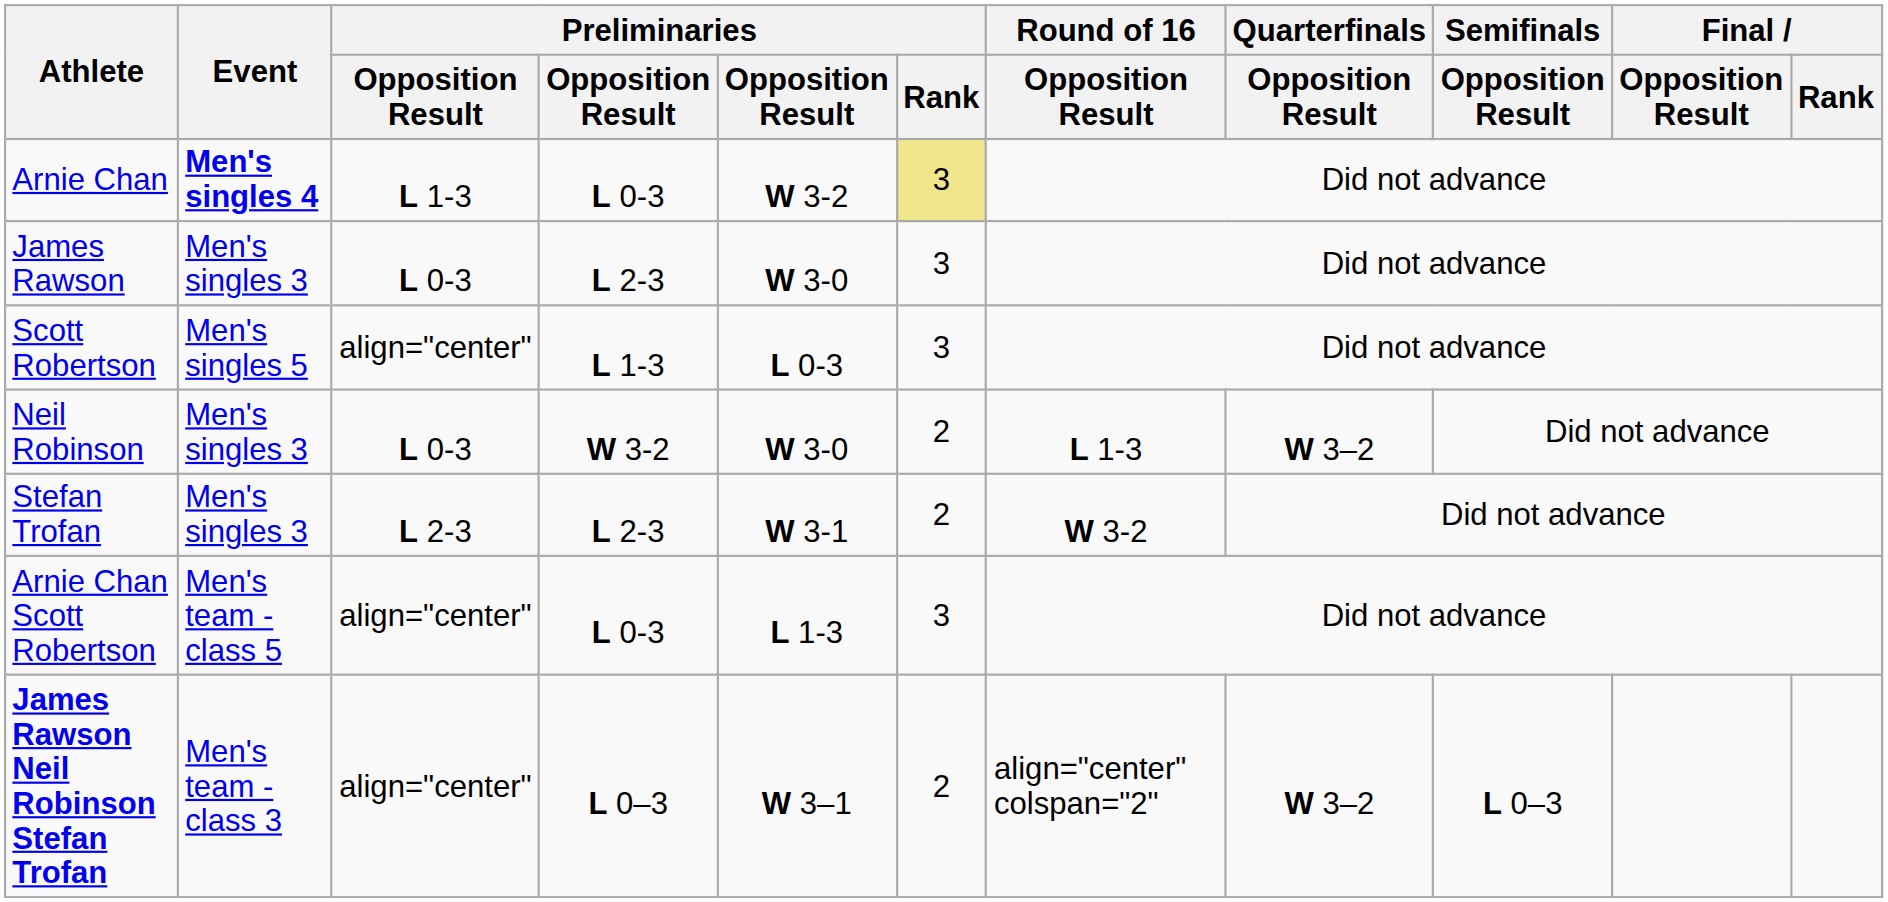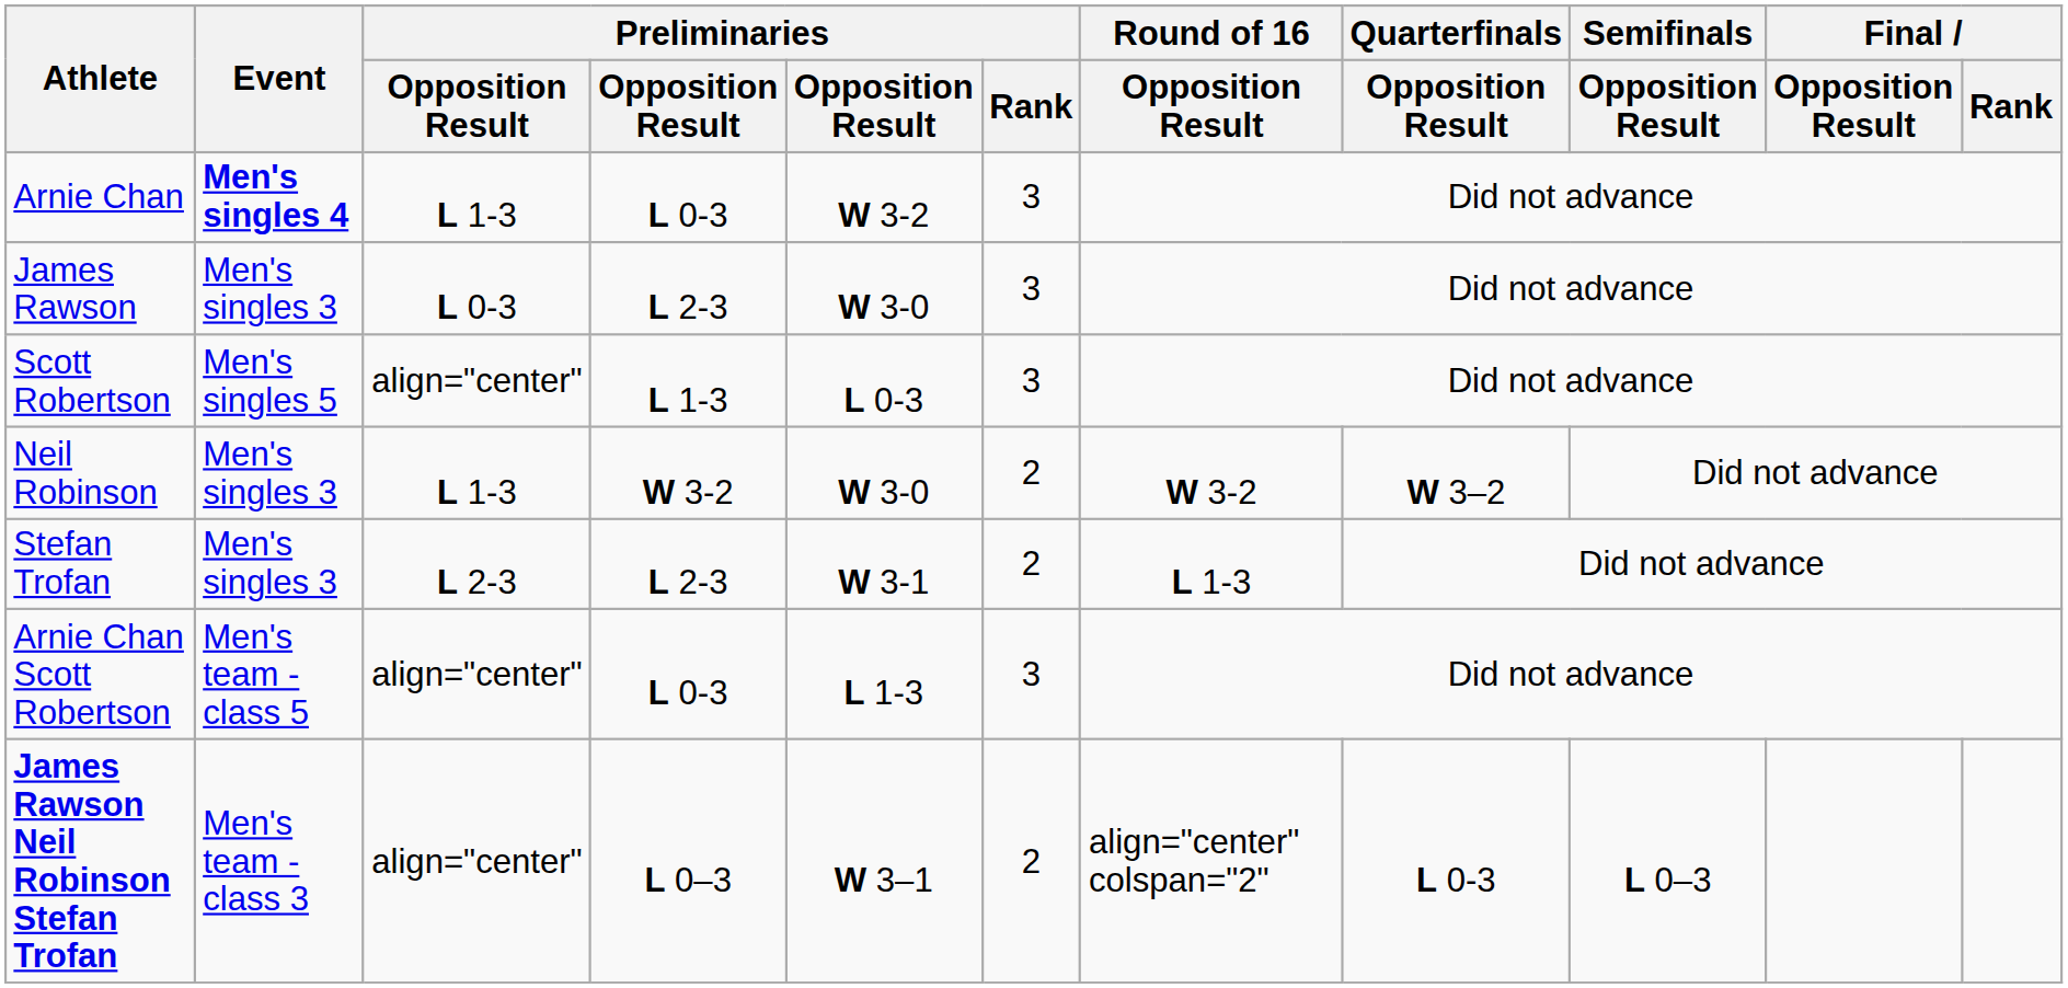 <table class=wikitable style="font-size:90%">
 <tr>
 <th rowspan="2">Athlete</th>
 <th rowspan="2">Event</th>
 <th colspan="4">Preliminaries</th>
 <th>Round of 16</th>
 <th>Quarterfinals</th>
 <th>Semifinals</th>
 <th colspan="2">Final / </th>
 </tr>
 <tr>
 <th>Opposition<br>Result</th>
 <th>Opposition<br>Result</th>
 <th>Opposition<br>Result</th>
 <th>Rank</th>
 <th>Opposition<br>Result</th>
 <th>Opposition<br>Result</th>
 <th>Opposition<br>Result</th>
 <th>Opposition<br>Result</th>
 <th>Rank</th>
 </tr>
 <tr>
 <td><a href='#'>Arnie Chan</a></td>
 <td><strong><a href='#'>Men's singles 4</a></strong></td>
 <td align="center"><br><strong>L</strong> 1-3</td>
 <td align="center"><br><strong>L</strong> 0-3</td>
 <td align="center"><br><strong>W</strong> 3-2</td>
-<td align="center" style="background: khaki;">3</td>
+<td align="center">3</td>
 <td align="center" colspan="5">Did not advance</td>
 </tr>
 <tr>
 <td><a href='#'>James Rawson</a></td>
 <td><a href='#'>Men's singles 3</a></td>
 <td align="center"><br><strong>L</strong> 0-3</td>
 <td align="center"><br><strong>L</strong> 2-3</td>
 <td align="center"><br><strong>W</strong> 3-0</td>
 <td align="center">3</td>
 <td align="center" colspan="5">Did not advance</td>
 </tr>
 <tr>
 <td><a href='#'>Scott Robertson</a></td>
 <td><a href='#'>Men's singles 5</a></td>
 <td>align="center" </td>
 <td align="center"><br><strong>L</strong> 1-3</td>
 <td align="center"><br><strong>L</strong> 0-3</td>
 <td align="center">3</td>
 <td align="center" colspan="5">Did not advance</td>
 </tr>
 <tr>
 <td><a href='#'>Neil Robinson</a></td>
 <td><a href='#'>Men's singles 3</a></td>
-<td align="center"><br><strong>L</strong> 0-3</td>
+<td align="center"><br><strong>L</strong> 1-3</td>
 <td align="center"><br><strong>W</strong> 3-2</td>
 <td align="center"><br><strong>W</strong> 3-0</td>
 <td align="center">2</td>
-<td align="center"><br><strong>L</strong> 1-3</td>
+<td align="center"><br><strong>W</strong> 3-2</td>
 <td align="center"><br><strong>W</strong> 3–2</td>
 <td align="center" colspan="3">Did not advance</td>
 </tr>
 <tr>
 <td><a href='#'>Stefan Trofan</a></td>
 <td><a href='#'>Men's singles 3</a></td>
 <td align="center"><br><strong>L</strong> 2-3</td>
 <td align="center"><br><strong>L</strong> 2-3</td>
 <td align="center"><br><strong>W</strong> 3-1</td>
 <td align="center">2</td>
-<td align="center"><br><strong>W</strong> 3-2</td>
+<td align="center"><br><strong>L</strong> 1-3</td>
 <td align="center" colspan="4">Did not advance</td>
 </tr>
 <tr>
 <td><a href='#'>Arnie Chan</a><br> <a href='#'>Scott Robertson</a></td>
 <td><a href='#'>Men's team - class 5</a></td>
 <td>align="center" </td>
 <td align="center"><br><strong>L</strong> 0-3</td>
 <td align="center"><br><strong>L</strong> 1-3</td>
 <td align="center">3</td>
 <td align="center" colspan="5">Did not advance</td>
 </tr>
 <tr>
 <td><strong><a href='#'>James Rawson</a></strong><br> <strong><a href='#'>Neil Robinson</a></strong><br> <strong><a href='#'>Stefan Trofan</a></strong></td>
 <td><a href='#'>Men's team - class 3</a></td>
 <td>align="center" </td>
 <td align="center"><br><strong>L</strong> 0–3</td>
 <td align="center"><br><strong>W</strong> 3–1</td>
 <td align="center">2</td>
 <td>align="center" colspan="2" </td>
-<td align="center"><br><strong>W</strong> 3–2</td>
+<td align="center"><br><strong>L</strong> 0-3</td>
 <td align="center"><br><strong>L</strong> 0–3</td>
 <td align="center"></td>
 </tr>
 </table>
